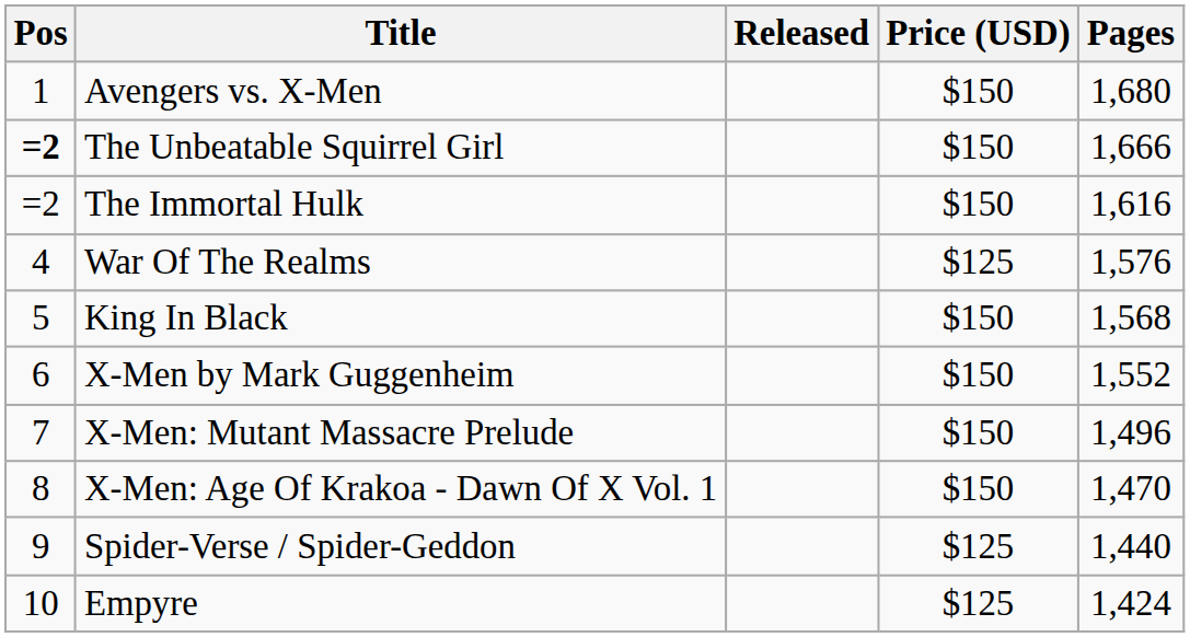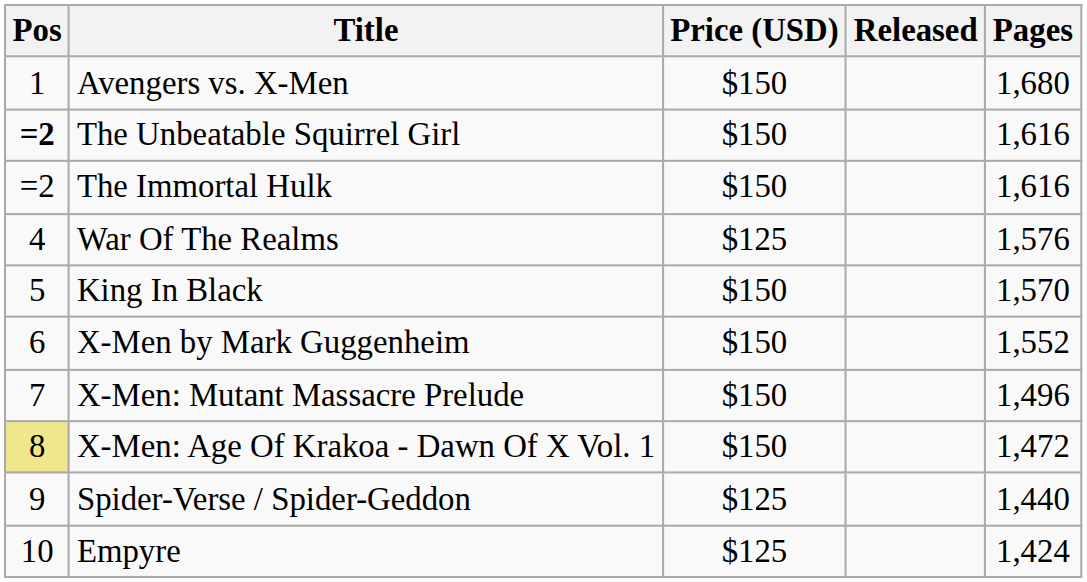 <table class="wikitable sortable">
 <tr>
 <th class="unsortable">Pos</th>
 <th class="unsortable">Title</th>
+<th>Price (USD)</th>
 <th class="unsortable">Released</th>
-<th>Price (USD)</th>
 <th>Pages</th>
 </tr>
 <tr>
 <td style="text-align: center;">1</td>
 <td>Avengers vs. X-Men</td>
+<td style="text-align: center;">$150</td>
 <td></td>
-<td style="text-align: center;">$150</td>
 <td style="text-align: center;">1,680</td>
 </tr>
 <tr>
 <td style="text-align: center;"><strong>=2</strong></td>
 <td>The Unbeatable Squirrel Girl</td>
+<td style="text-align: center;">$150</td>
 <td></td>
-<td style="text-align: center;">$150</td>
-<td style="text-align: center;">1,666</td>
+<td style="text-align: center;">1,616</td>
 </tr>
 <tr>
 <td style="text-align: center;">=2</td>
 <td>The Immortal Hulk</td>
+<td style="text-align: center;">$150</td>
 <td></td>
-<td style="text-align: center;">$150</td>
 <td style="text-align: center;">1,616</td>
 </tr>
 <tr>
 <td style="text-align: center;">4</td>
 <td>War Of The Realms</td>
+<td style="text-align: center;">$125</td>
 <td></td>
-<td style="text-align: center;">$125</td>
 <td style="text-align: center;">1,576</td>
 </tr>
 <tr>
 <td style="text-align: center;">5</td>
 <td>King In Black</td>
+<td style="text-align: center;">$150</td>
 <td></td>
-<td style="text-align: center;">$150</td>
-<td style="text-align: center;">1,568</td>
+<td style="text-align: center;">1,570</td>
 </tr>
 <tr>
 <td style="text-align: center;">6</td>
 <td>X-Men by Mark Guggenheim</td>
+<td style="text-align: center;">$150</td>
 <td></td>
-<td style="text-align: center;">$150</td>
 <td style="text-align: center;">1,552</td>
 </tr>
 <tr>
 <td style="text-align: center;">7</td>
 <td>X-Men: Mutant Massacre Prelude</td>
+<td style="text-align: center;">$150</td>
 <td></td>
-<td style="text-align: center;">$150</td>
 <td style="text-align: center;">1,496</td>
 </tr>
 <tr>
-<td style="text-align: center;">8</td>
+<td style="background: khaki; text-align: center;">8</td>
 <td>X-Men: Age Of Krakoa - Dawn Of X Vol. 1</td>
+<td style="text-align: center;">$150</td>
 <td></td>
-<td style="text-align: center;">$150</td>
-<td style="text-align: center;">1,470</td>
+<td style="text-align: center;">1,472</td>
 </tr>
 <tr>
 <td style="text-align: center;">9</td>
 <td>Spider-Verse / Spider-Geddon</td>
+<td style="text-align: center;">$125</td>
 <td></td>
-<td style="text-align: center;">$125</td>
 <td style="text-align: center;">1,440</td>
 </tr>
 <tr>
 <td style="text-align: center;">10</td>
 <td>Empyre</td>
+<td style="text-align: center;">$125</td>
 <td></td>
-<td style="text-align: center;">$125</td>
 <td style="text-align: center;">1,424</td>
 </tr>
 </table>
